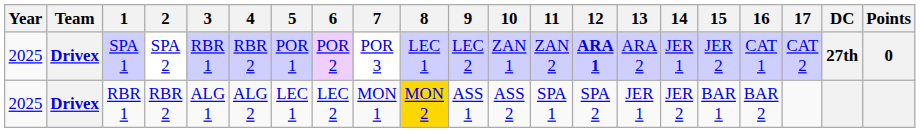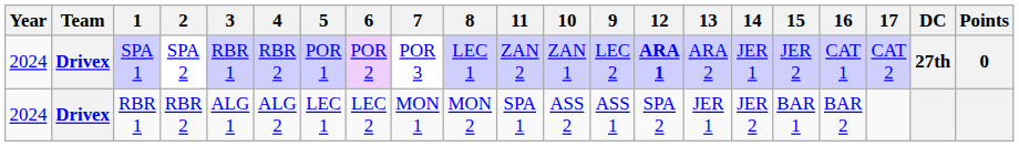 <table class="wikitable" style="text-align:center; font-size:85%">
 <tr>
 <th>Year</th>
 <th>Team</th>
 <th>1</th>
 <th>2</th>
 <th>3</th>
 <th>4</th>
 <th>5</th>
 <th>6</th>
 <th>7</th>
 <th>8</th>
+<th>11</th>
+<th>10</th>
 <th>9</th>
-<th>10</th>
-<th>11</th>
 <th>12</th>
 <th>13</th>
 <th>14</th>
 <th>15</th>
 <th>16</th>
 <th>17</th>
 <th>DC</th>
 <th>Points</th>
 </tr>
 <tr>
-<td><a href='#'>2025</a></td>
+<td><a href='#'>2024</a></td>
 <th><a href='#'>Drivex</a></th>
 <td style="background:#CFCFFF;"><a href='#'>SPA<br>1</a><br></td>
 <td style="background:#FFFFFF;"><a href='#'>SPA<br>2</a><br></td>
 <td style="background:#CFCFFF;"><a href='#'>RBR<br>1</a><br></td>
 <td style="background:#CFCFFF;"><a href='#'>RBR<br>2</a><br></td>
 <td style="background:#CFCFFF;"><a href='#'>POR<br>1</a><br></td>
 <td style="background:#EFCFFF;"><a href='#'>POR<br>2</a><br></td>
 <td style="background:#FFFFFF;"><a href='#'>POR<br>3</a><br></td>
 <td style="background:#CFCFFF;"><a href='#'>LEC<br>1</a><br></td>
+<td style="background:#CFCFFF;"><a href='#'>ZAN<br>2</a><br></td>
+<td style="background:#CFCFFF;"><a href='#'>ZAN<br>1</a><br></td>
 <td style="background:#CFCFFF;"><a href='#'>LEC<br>2</a><br></td>
-<td style="background:#CFCFFF;"><a href='#'>ZAN<br>1</a><br></td>
-<td style="background:#CFCFFF;"><a href='#'>ZAN<br>2</a><br></td>
 <td style="background:#CFCFFF;"><strong><a href='#'>ARA<br>1</a><br></strong></td>
 <td style="background:#CFCFFF;"><a href='#'>ARA<br>2</a><br></td>
 <td style="background:#CFCFFF;"><a href='#'>JER<br>1</a><br></td>
 <td style="background:#CFCFFF;"><a href='#'>JER<br>2</a><br></td>
 <td style="background:#CFCFFF;"><a href='#'>CAT<br>1</a><br></td>
 <td style="background:#CFCFFF;"><a href='#'>CAT<br>2</a><br></td>
 <th>27th</th>
 <th>0</th>
 </tr>
 <tr>
-<td><a href='#'>2025</a></td>
+<td><a href='#'>2024</a></td>
 <th><a href='#'>Drivex</a></th>
 <td><a href='#'>RBR<br>1</a></td>
 <td><a href='#'>RBR<br>2</a></td>
 <td><a href='#'>ALG<br>1</a></td>
 <td><a href='#'>ALG<br>2</a></td>
 <td><a href='#'>LEC<br>1</a></td>
 <td><a href='#'>LEC<br>2</a></td>
 <td><a href='#'>MON<br>1</a></td>
-<td style="background: gold;"><a href='#'>MON<br>2</a></td>
+<td><a href='#'>MON<br>2</a></td>
+<td><a href='#'>SPA<br>1</a></td>
+<td><a href='#'>ASS<br>2</a></td>
 <td><a href='#'>ASS<br>1</a></td>
-<td><a href='#'>ASS<br>2</a></td>
-<td><a href='#'>SPA<br>1</a></td>
 <td><a href='#'>SPA<br>2</a></td>
 <td><a href='#'>JER<br>1</a></td>
 <td><a href='#'>JER<br>2</a></td>
 <td><a href='#'>BAR<br>1</a></td>
 <td><a href='#'>BAR<br>2</a></td>
 <td></td>
 <th></th>
 <th></th>
 </tr>
 </table>
